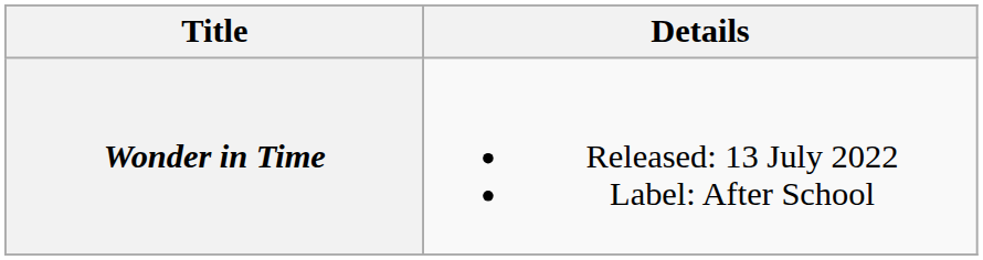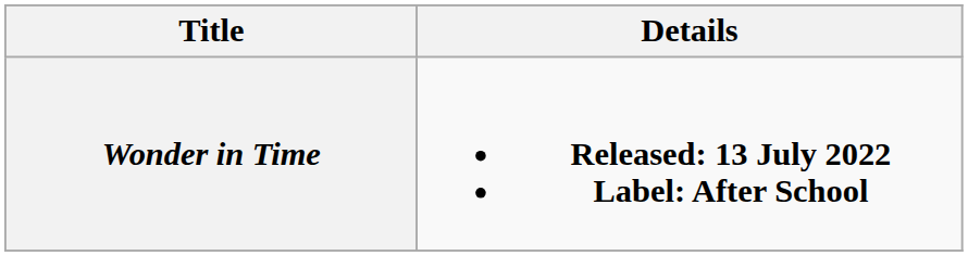 <table class="wikitable plainrowheaders" style="text-align:center;">
 <tr>
 <th scope="col" style="width:12em;">Title</th>
 <th scope="col" style="width:16em;">Details</th>
 </tr>
 <tr>
 <th scope="row"><em>Wonder in Time</em></th>
-<td><br><ul><li>Released: 13 July 2022</li><li>Label: After School</li></ul></td>
+<td><strong><br><ul><li>Released: 13 July 2022</li><li>Label: After School</li></ul></strong></td>
 </tr>
 </table>
